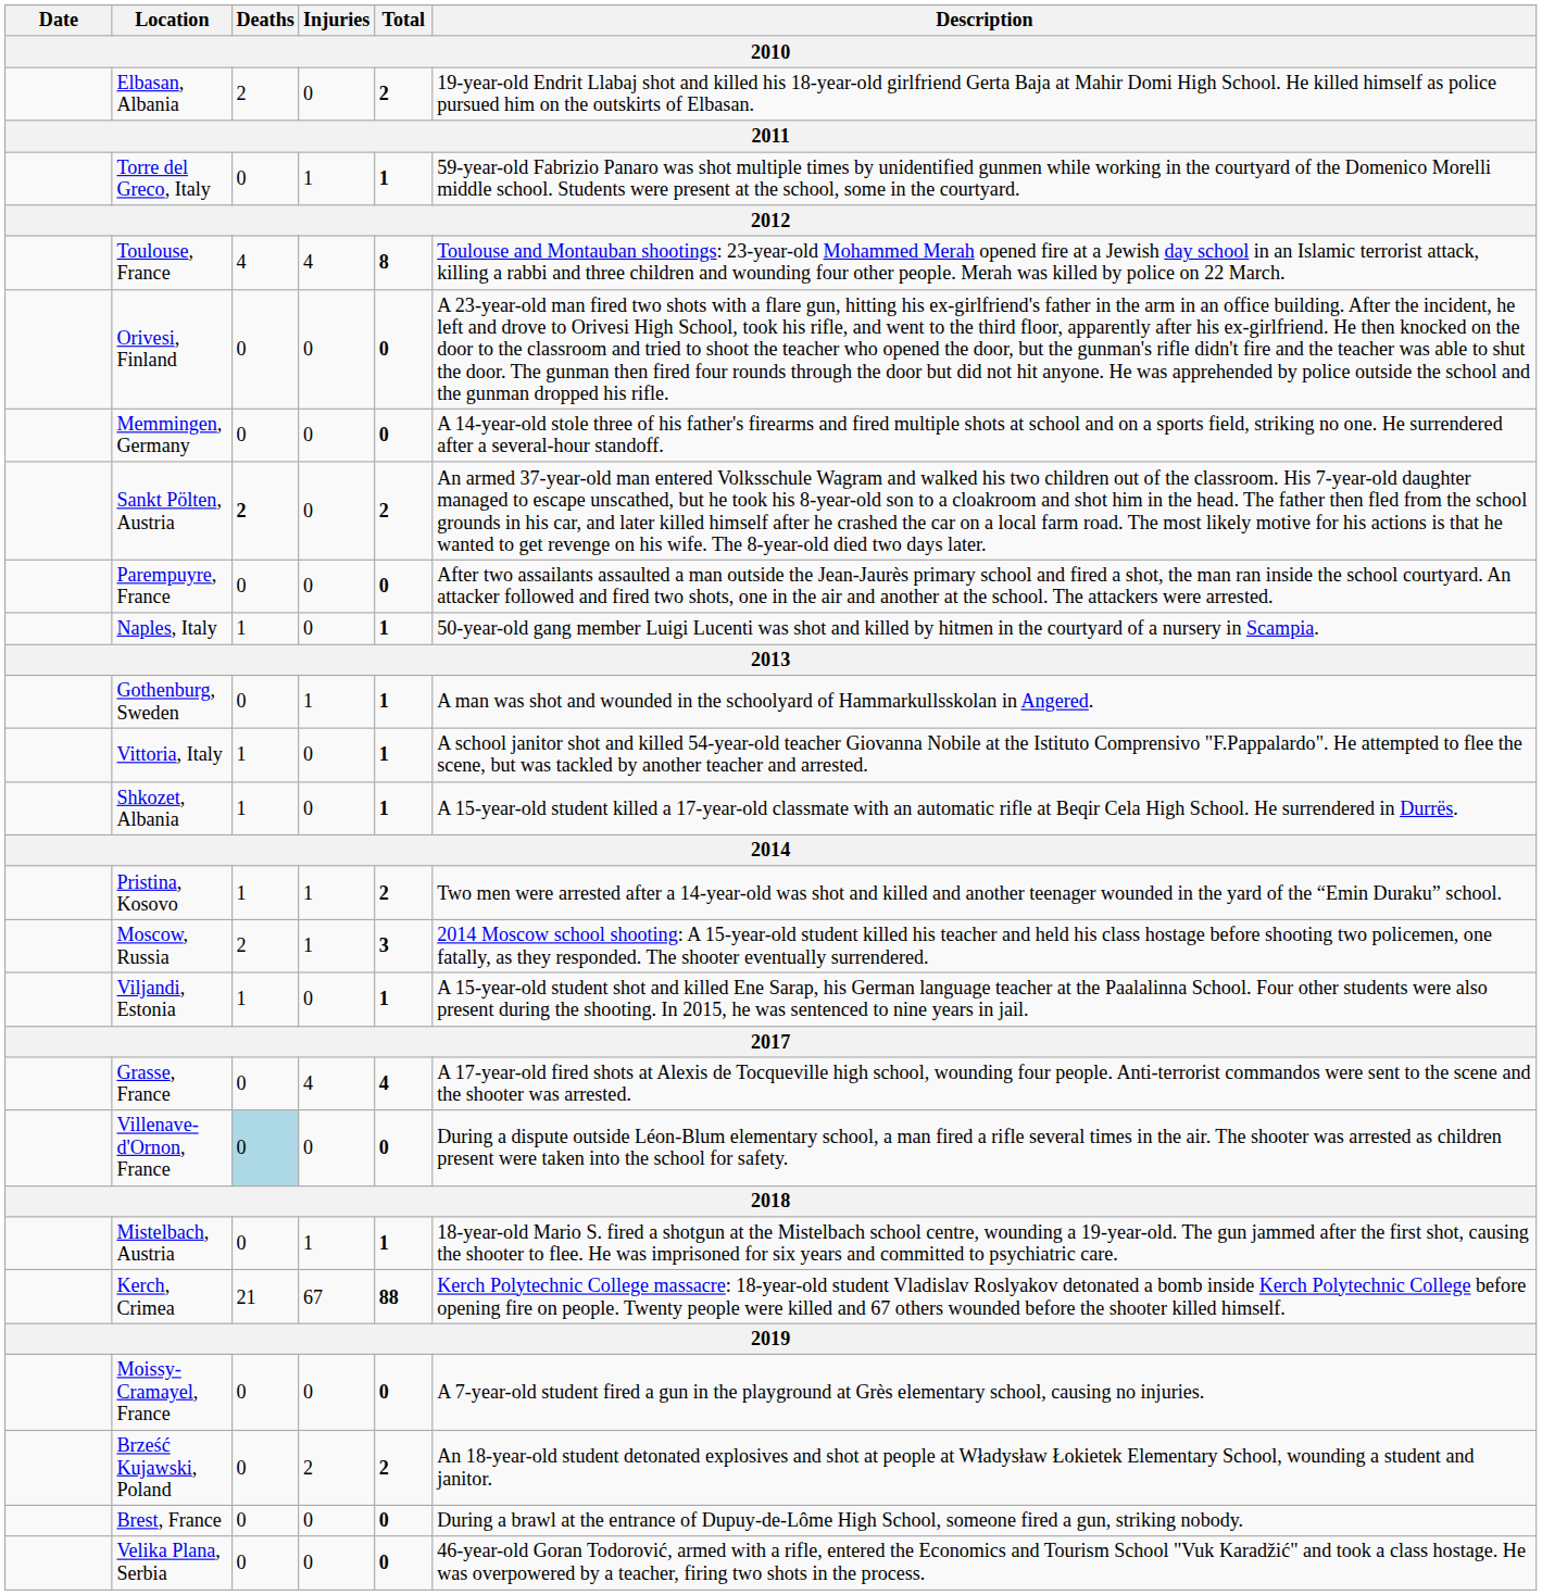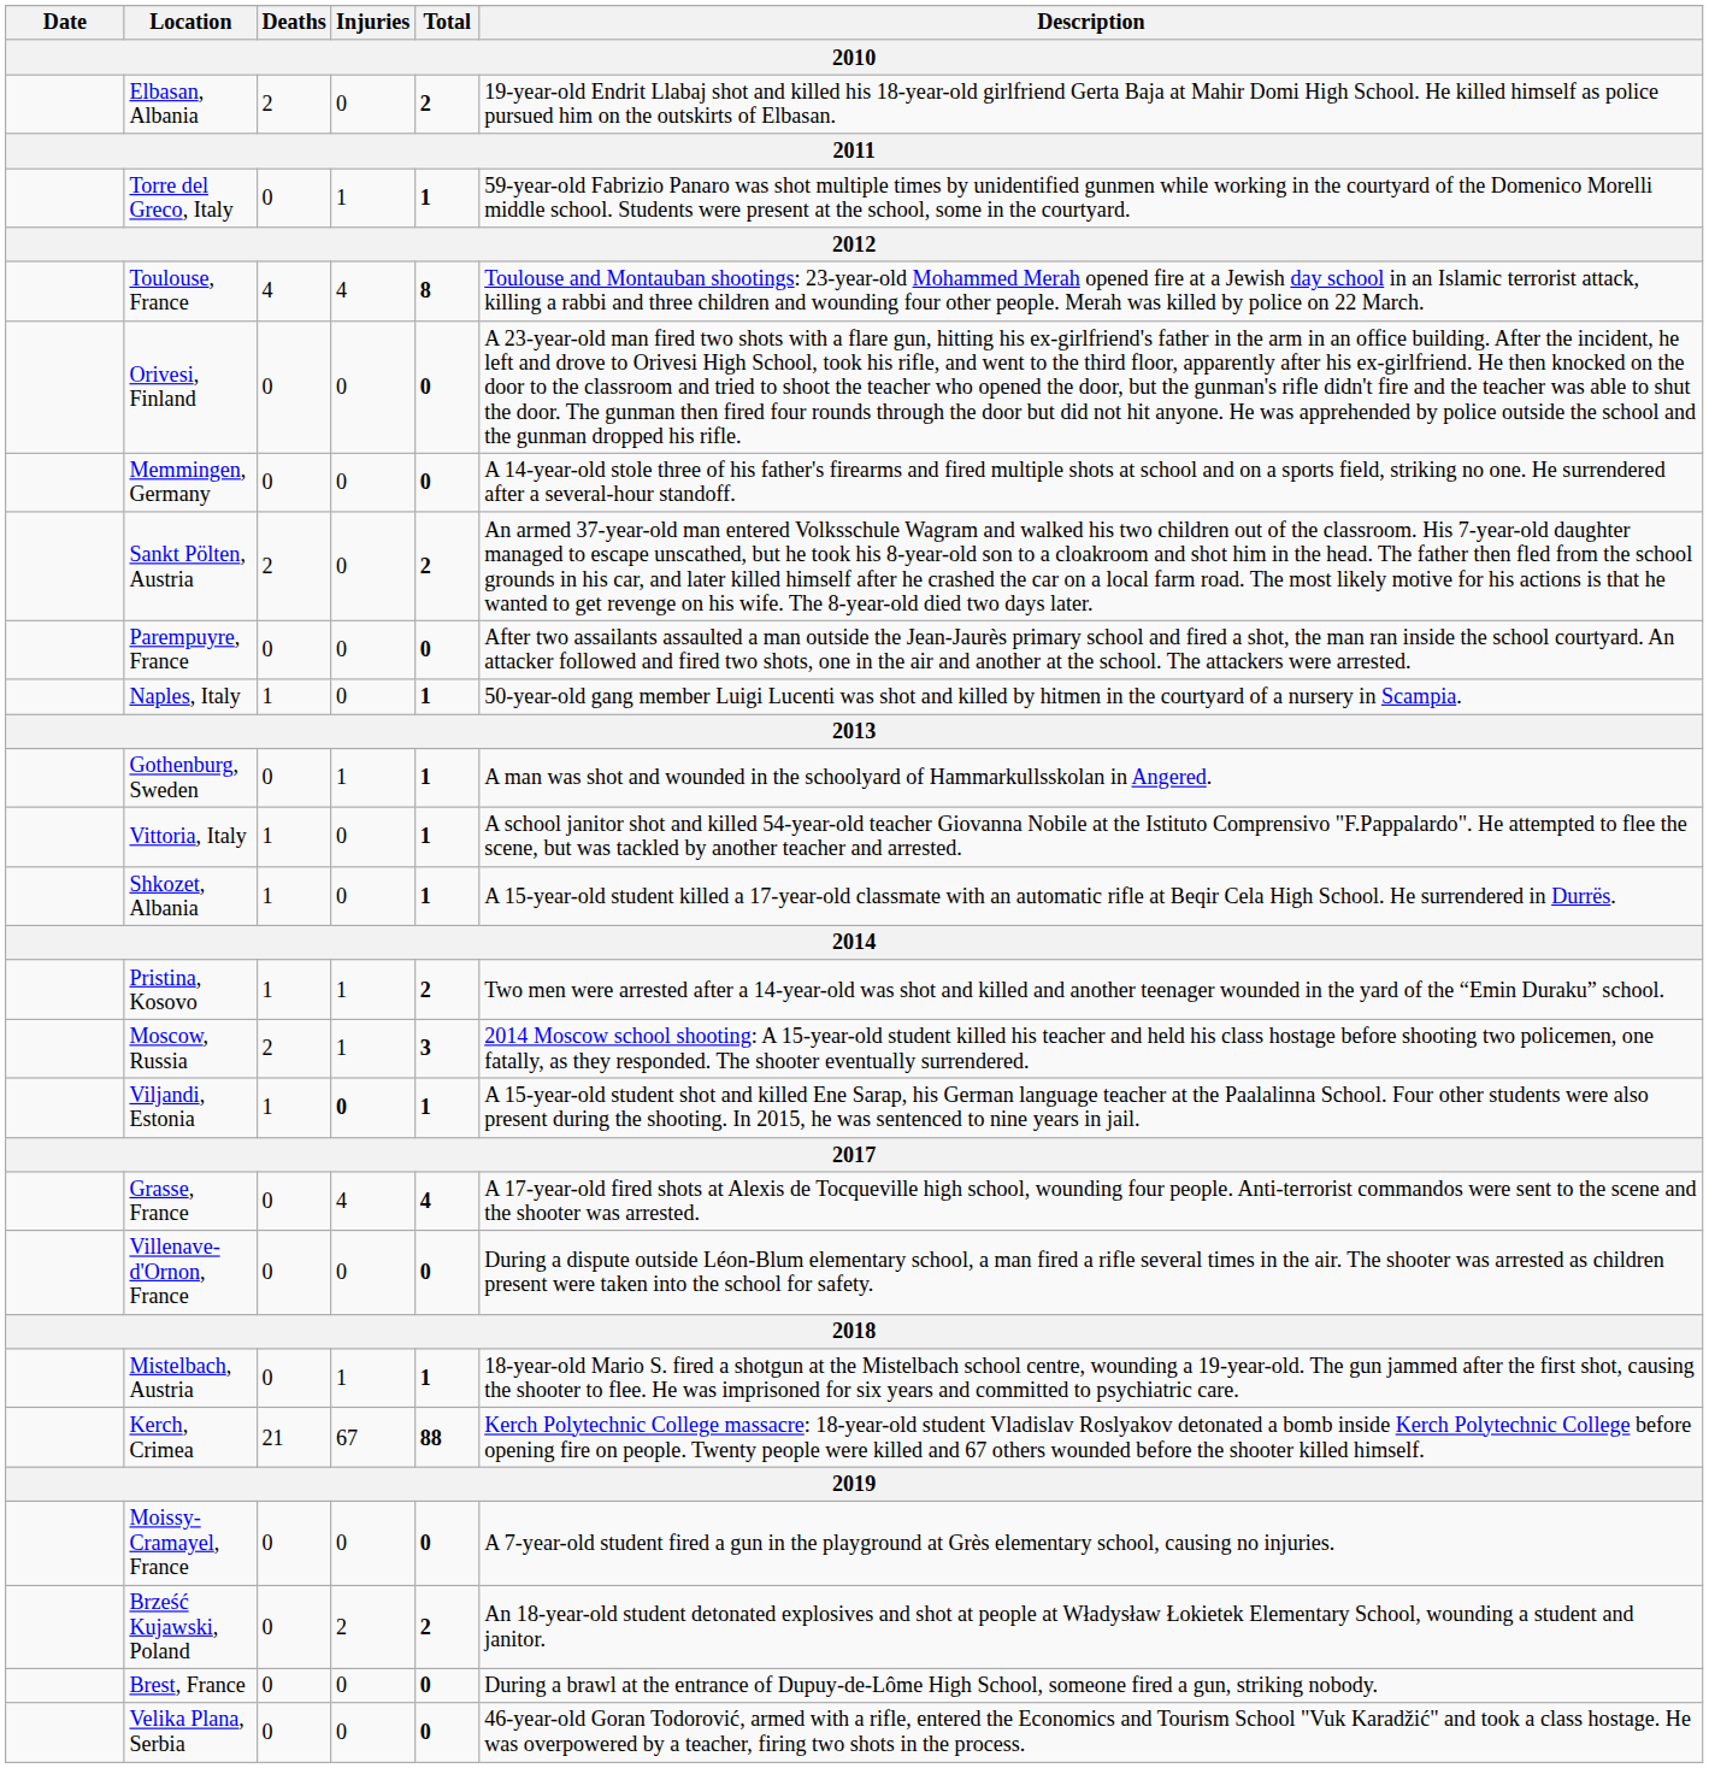 <table class="sortable wikitable" style="font-size:100%;" id="2010s">
 <tr>
 </tr>
 <tr>
 <th style="width:80px;">Date</th>
 <th style="width:90px;">Location</th>
 <th style="width:40px;">Deaths</th>
 <th style="width:40px;">Injuries</th>
 <th style="width:40px;">Total</th>
 <th class="unsortable">Description</th>
 </tr>
 <tr>
 <th colspan="7">2010 </th>
 </tr>
 <tr>
 <td></td>
 <td><a href='#'>Elbasan</a>, Albania</td>
 <td>2</td>
 <td>0</td>
 <td><strong>2</strong></td>
 <td>19-year-old Endrit Llabaj shot and killed his 18-year-old girlfriend Gerta Baja at Mahir Domi High School. He killed himself as police pursued him on the outskirts of Elbasan.</td>
 </tr>
 <tr>
 <th colspan="7">2011 </th>
 </tr>
 <tr>
 <td></td>
 <td><a href='#'>Torre del Greco</a>, Italy</td>
 <td>0</td>
 <td>1</td>
 <td><strong>1</strong></td>
 <td>59-year-old Fabrizio Panaro was shot multiple times by unidentified gunmen while working in the courtyard of the Domenico Morelli middle school.  Students were present at the school, some in the courtyard.</td>
 </tr>
 <tr>
 <th colspan="7">2012 </th>
 </tr>
 <tr>
 <td></td>
 <td><a href='#'>Toulouse</a>, France</td>
 <td>4</td>
 <td>4</td>
 <td><strong>8</strong></td>
 <td><a href='#'>Toulouse and Montauban shootings</a>: 23-year-old <a href='#'>Mohammed Merah</a> opened fire at a Jewish <a href='#'>day school</a> in an Islamic terrorist attack, killing a rabbi and three children and wounding four other people. Merah was killed by police on 22 March.</td>
 </tr>
 <tr>
 <td></td>
 <td><a href='#'>Orivesi</a>, Finland</td>
 <td>0</td>
 <td>0</td>
 <td><strong>0</strong></td>
 <td>A 23-year-old man fired two shots with a flare gun, hitting his ex-girlfriend's father in the arm in an office building. After the incident, he left and drove to Orivesi High School, took his rifle, and went to the third floor, apparently after his ex-girlfriend. He then knocked on the door to the classroom and tried to shoot the teacher who opened the door, but the gunman's rifle didn't fire and the teacher was able to shut the door. The gunman then fired four rounds through the door but did not hit anyone. He was apprehended by police outside the school and the gunman dropped his rifle.</td>
 </tr>
 <tr>
 <td></td>
 <td><a href='#'>Memmingen</a>, Germany</td>
 <td>0</td>
 <td>0</td>
 <td><strong>0</strong></td>
 <td>A 14-year-old stole three of his father's firearms and fired multiple shots at school and on a sports field, striking no one. He surrendered after a several-hour standoff.</td>
 </tr>
 <tr>
 <td></td>
 <td><a href='#'>Sankt Pölten</a>, Austria</td>
-<td><strong>2</strong></td>
+<td>2</td>
 <td>0</td>
 <td><strong>2</strong></td>
 <td>An armed 37-year-old man entered Volksschule Wagram and walked his two children out of the classroom. His 7-year-old daughter managed to escape unscathed, but he took his 8-year-old son to a cloakroom and shot him in the head. The father then fled from the school grounds in his car, and later killed himself after he crashed the car on a local farm road. The most likely motive for his actions is that he wanted to get revenge on his wife. The 8-year-old died two days later.</td>
 </tr>
 <tr>
 <td></td>
 <td><a href='#'>Parempuyre</a>, France</td>
 <td>0</td>
 <td>0</td>
 <td><strong>0</strong></td>
 <td>After two assailants assaulted a man outside the Jean-Jaurès primary school and fired a shot, the man ran inside the school courtyard. An attacker followed and fired two shots, one in the air and another at the school. The attackers were arrested.</td>
 </tr>
 <tr>
 <td></td>
 <td><a href='#'>Naples</a>, Italy</td>
 <td>1</td>
 <td>0</td>
 <td><strong>1</strong></td>
 <td>50-year-old gang member Luigi Lucenti was shot and killed by hitmen in the courtyard of a nursery in <a href='#'>Scampia</a>.</td>
 </tr>
 <tr>
 <th colspan="7">2013 </th>
 </tr>
 <tr>
 <td></td>
 <td><a href='#'>Gothenburg</a>, Sweden</td>
 <td>0</td>
 <td>1</td>
 <td><strong>1</strong></td>
 <td>A man was shot and wounded in the schoolyard of Hammarkullsskolan in <a href='#'>Angered</a>.</td>
 </tr>
 <tr>
 <td></td>
 <td><a href='#'>Vittoria</a>, Italy</td>
 <td>1</td>
 <td>0</td>
 <td><strong>1</strong></td>
 <td>A school janitor shot and killed 54-year-old teacher Giovanna Nobile at the Istituto Comprensivo "F.Pappalardo". He attempted to flee the scene, but was tackled by another teacher and arrested.</td>
 </tr>
 <tr>
 <td></td>
 <td><a href='#'>Shkozet</a>, Albania</td>
 <td>1</td>
 <td>0</td>
 <td><strong>1</strong></td>
 <td>A 15-year-old student killed a 17-year-old classmate with an automatic rifle at Beqir Cela High School. He surrendered in <a href='#'>Durrës</a>.</td>
 </tr>
 <tr>
 <th colspan="7">2014 </th>
 </tr>
 <tr>
 <td></td>
 <td><a href='#'>Pristina</a>, Kosovo</td>
 <td>1</td>
 <td>1</td>
 <td><strong>2</strong></td>
 <td>Two men were arrested after a 14-year-old was shot and killed and another teenager wounded in the yard of the “Emin Duraku” school.</td>
 </tr>
 <tr>
 <td></td>
 <td><a href='#'>Moscow</a>, Russia</td>
 <td>2</td>
 <td>1</td>
 <td><strong>3</strong></td>
 <td><a href='#'>2014 Moscow school shooting</a>: A 15-year-old student killed his teacher and held his class hostage before shooting two policemen, one fatally, as they responded. The shooter eventually surrendered.</td>
 </tr>
 <tr>
 <td></td>
 <td><a href='#'>Viljandi</a>, Estonia</td>
 <td>1</td>
-<td>0</td>
+<td><strong>0</strong></td>
 <td><strong>1</strong></td>
 <td>A 15-year-old student shot and killed Ene Sarap, his German language teacher at the Paalalinna School. Four other students were also present during the shooting. In 2015, he was sentenced to nine years in jail.</td>
 </tr>
 <tr>
 <th colspan="7">2017 </th>
 </tr>
 <tr>
 <td></td>
 <td><a href='#'>Grasse</a>, France</td>
 <td>0</td>
 <td>4</td>
 <td><strong>4</strong></td>
 <td>A 17-year-old fired shots at Alexis de Tocqueville high school, wounding four people. Anti-terrorist commandos were sent to the scene and the shooter was arrested.</td>
 </tr>
 <tr>
 <td></td>
 <td><a href='#'>Villenave-d'Ornon</a>, France</td>
-<td style="background: lightblue;">0</td>
+<td>0</td>
 <td>0</td>
 <td><strong>0</strong></td>
 <td>During a dispute outside Léon-Blum elementary school, a man fired a rifle several times in the air. The shooter was arrested as children present were taken into the school for safety.</td>
 </tr>
 <tr>
 <th colspan="7">2018 </th>
 </tr>
 <tr>
 <td></td>
 <td><a href='#'>Mistelbach</a>, Austria</td>
 <td>0</td>
 <td>1</td>
 <td><strong>1</strong></td>
 <td>18-year-old Mario S. fired a shotgun at the Mistelbach school centre, wounding a 19-year-old. The gun jammed after the first shot, causing the shooter to flee. He was imprisoned for six years and committed to psychiatric care.</td>
 </tr>
 <tr>
 <td></td>
 <td><a href='#'>Kerch</a>, Crimea</td>
 <td>21</td>
 <td>67</td>
 <td><strong>88</strong></td>
 <td><a href='#'>Kerch Polytechnic College massacre</a>: 18-year-old student Vladislav Roslyakov detonated a bomb inside <a href='#'>Kerch Polytechnic College</a> before opening fire on people. Twenty people were killed and 67 others wounded before the shooter killed himself.</td>
 </tr>
 <tr>
 <th colspan="7">2019 </th>
 </tr>
 <tr>
 <td></td>
 <td><a href='#'>Moissy-Cramayel</a>, France</td>
 <td>0</td>
 <td>0</td>
 <td><strong>0</strong></td>
 <td>A 7-year-old student fired a gun in the playground at Grès elementary school, causing no injuries.</td>
 </tr>
 <tr>
 <td></td>
 <td><a href='#'>Brześć Kujawski</a>, Poland</td>
 <td>0</td>
 <td>2</td>
 <td><strong>2</strong></td>
 <td>An 18-year-old student detonated explosives and shot at people at Władysław Łokietek Elementary School, wounding a student and janitor.</td>
 </tr>
 <tr>
 <td></td>
 <td><a href='#'>Brest</a>, France</td>
 <td>0</td>
 <td>0</td>
 <td><strong>0</strong></td>
 <td>During a brawl at the entrance of Dupuy-de-Lôme High School, someone fired a gun, striking nobody.</td>
 </tr>
 <tr>
 <td></td>
 <td><a href='#'>Velika Plana</a>, Serbia</td>
 <td>0</td>
 <td>0</td>
 <td><strong>0</strong></td>
 <td>46-year-old Goran Todorović, armed with a rifle, entered the Economics and Tourism School "Vuk Karadžić" and took a class hostage. He was overpowered by a teacher, firing two shots in the process.</td>
 </tr>
 </table>
